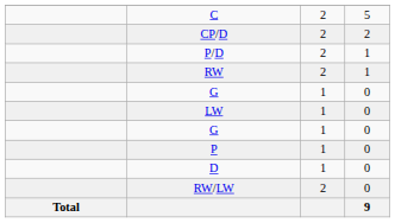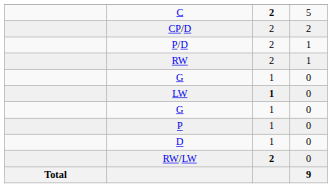 <table class="wikitable sortable" width ="40%">
 <tr align="center">
 </tr>
 <tr align="center" bgcolor="">
 <td></td>
 <td><a href='#'>C</a></td>
-<td>2</td>
+<td><strong>2</strong></td>
 <td>5</td>
 </tr>
 <tr align="center" bgcolor="f0f0f0">
 <td></td>
 <td><a href='#'>CP</a>/<a href='#'>D</a></td>
 <td>2</td>
 <td>2</td>
 </tr>
 <tr align="center" bgcolor="">
 <td></td>
 <td><a href='#'>P</a>/<a href='#'>D</a></td>
 <td>2</td>
 <td>1</td>
 </tr>
 <tr align="center" bgcolor="f0f0f0">
 <td></td>
 <td><a href='#'>RW</a></td>
 <td>2</td>
 <td>1</td>
 </tr>
 <tr align="center" bgcolor="">
 <td></td>
 <td><a href='#'>G</a></td>
 <td>1</td>
 <td>0</td>
 </tr>
 <tr align="center" bgcolor="f0f0f0">
 <td></td>
 <td><a href='#'>LW</a></td>
-<td>1</td>
+<td><strong>1</strong></td>
 <td>0</td>
 </tr>
 <tr align="center" bgcolor="">
 <td></td>
 <td><a href='#'>G</a></td>
 <td>1</td>
 <td>0</td>
 </tr>
 <tr align="center" bgcolor="f0f0f0">
 <td></td>
 <td><a href='#'>P</a></td>
 <td>1</td>
 <td>0</td>
 </tr>
 <tr align="center" bgcolor="">
 <td></td>
 <td><a href='#'>D</a></td>
 <td>1</td>
 <td>0</td>
 </tr>
 <tr align="center" bgcolor="f0f0f0">
 <td></td>
 <td><a href='#'>RW</a>/<a href='#'>LW</a></td>
-<td>2</td>
+<td><strong>2</strong></td>
 <td>0</td>
 </tr>
 <tr>
 <th>Total</th>
 <th></th>
 <th></th>
 <th>9</th>
 </tr>
 </table>
